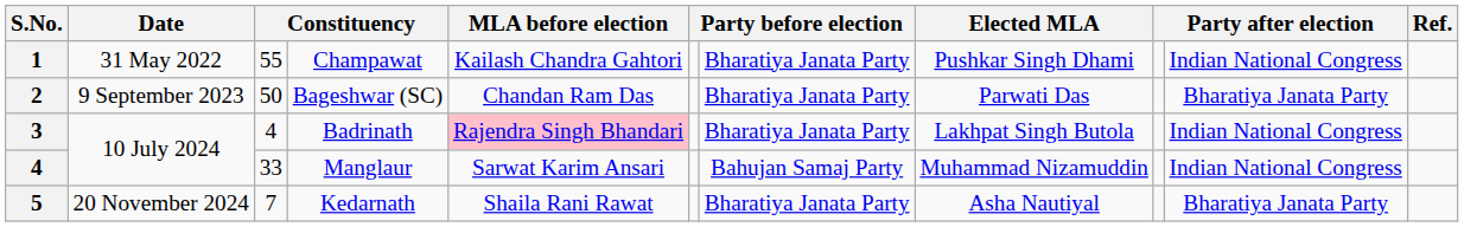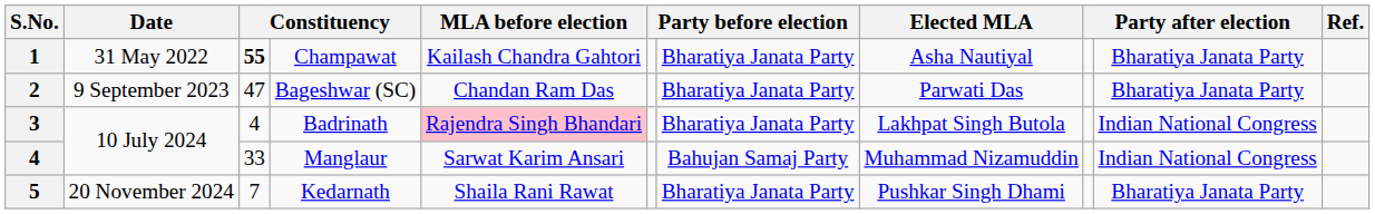 <table class="wikitable sortable" style="text-align:center;">
 <tr>
 <th>S.No.</th>
 <th>Date</th>
 <th colspan="2">Constituency</th>
 <th>MLA before election</th>
 <th colspan="2">Party before election</th>
 <th>Elected MLA</th>
 <th colspan="2">Party after election</th>
 <th>Ref.</th>
 </tr>
 <tr>
 <th>1</th>
 <td>31 May 2022</td>
-<td>55</td>
+<td><strong>55</strong></td>
 <td><a href='#'>Champawat</a></td>
 <td><a href='#'>Kailash Chandra Gahtori</a></td>
 <td></td>
 <td><a href='#'>Bharatiya Janata Party</a></td>
-<td><a href='#'>Pushkar Singh Dhami</a></td>
+<td><a href='#'>Asha Nautiyal</a></td>
 <td></td>
-<td><a href='#'>Indian National Congress</a></td>
+<td><a href='#'>Bharatiya Janata Party</a></td>
 <td></td>
 </tr>
 <tr>
 <th>2</th>
 <td>9 September 2023</td>
-<td>50</td>
+<td>47</td>
 <td><a href='#'>Bageshwar</a> (SC)</td>
 <td><a href='#'>Chandan Ram Das</a></td>
 <td></td>
 <td><a href='#'>Bharatiya Janata Party</a></td>
 <td><a href='#'>Parwati Das</a></td>
 <td></td>
 <td><a href='#'>Bharatiya Janata Party</a></td>
 <td></td>
 </tr>
 <tr>
 <th>3</th>
 <td rowspan="2">10 July 2024</td>
 <td>4</td>
 <td><a href='#'>Badrinath</a></td>
 <td style="background: pink;"><a href='#'>Rajendra Singh Bhandari</a></td>
 <td></td>
 <td><a href='#'>Bharatiya Janata Party</a></td>
 <td><a href='#'>Lakhpat Singh Butola</a></td>
 <td></td>
 <td><a href='#'>Indian National Congress</a></td>
 <td></td>
 </tr>
 <tr>
 <th>4</th>
 <td>33</td>
 <td><a href='#'>Manglaur</a></td>
 <td><a href='#'>Sarwat Karim Ansari</a></td>
 <td></td>
 <td><a href='#'>Bahujan Samaj Party</a></td>
 <td><a href='#'>Muhammad Nizamuddin</a></td>
 <td></td>
 <td><a href='#'>Indian National Congress</a></td>
 <td></td>
 </tr>
 <tr>
 <th>5</th>
 <td>20 November 2024</td>
 <td>7</td>
 <td><a href='#'>Kedarnath</a></td>
 <td><a href='#'>Shaila Rani Rawat</a></td>
 <td></td>
 <td><a href='#'>Bharatiya Janata Party</a></td>
-<td><a href='#'>Asha Nautiyal</a></td>
+<td><a href='#'>Pushkar Singh Dhami</a></td>
 <td></td>
 <td><a href='#'>Bharatiya Janata Party</a></td>
 <td></td>
 </tr>
 </table>
